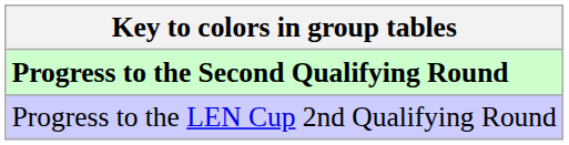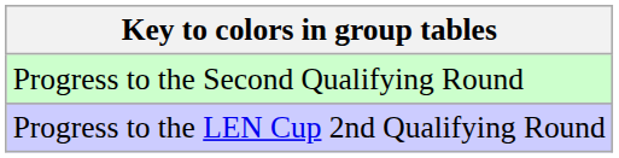 <table class="wikitable" border="1">
 <tr>
 <th>Key to colors in group tables</th>
 </tr>
 <tr style="background:#cfc;">
-<td><strong>Progress to the Second Qualifying Round</strong></td>
+<td>Progress to the Second Qualifying Round</td>
 </tr>
 <tr style="background:#ccf;">
 <td>Progress to the <a href='#'>LEN Cup</a> 2nd Qualifying Round</td>
 </tr>
 </table>
